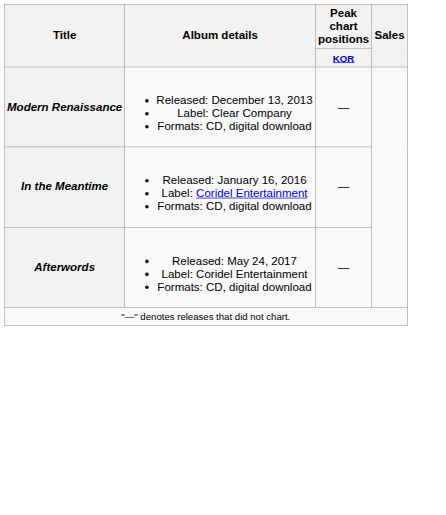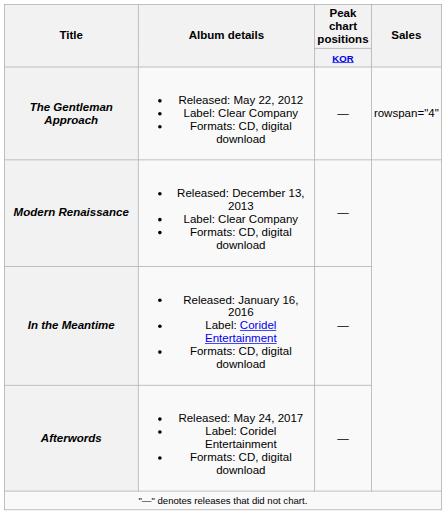 <table class="wikitable plainrowheaders" style="text-align:center;">
 <tr>
 <th rowspan="2" scope="col">Title</th>
 <th rowspan="2" scope="col">Album details</th>
 <th colspan="1" scope="col">Peak chart positions</th>
 <th rowspan="2" scope="col">Sales</th>
 </tr>
 <tr>
 <th style="width:3em;"><small><a href='#'>KOR</a></small><br></th>
+</tr>
+<tr>
+<th scope="row"><em>The Gentleman Approach</em></th>
+<td><br><ul><li>Released: May 22, 2012</li><li>Label: Clear Company</li><li>Formats: CD, digital download</li></ul></td>
+<td>—</td>
+<td>rowspan="4" </td>
 </tr>
 <tr>
 <th scope="row"><em>Modern Renaissance</em></th>
 <td><br><ul><li>Released: December 13, 2013</li><li>Label: Clear Company</li><li>Formats: CD, digital download</li></ul></td>
 <td>—</td>
 </tr>
 <tr>
 <th scope="row"><em>In the Meantime</em></th>
 <td><br><ul><li>Released: January 16, 2016</li><li>Label: <a href='#'>Coridel Entertainment</a></li><li>Formats: CD, digital download</li></ul></td>
 <td>—</td>
 </tr>
 <tr>
 <th scope="row"><em>Afterwords</em></th>
 <td><br><ul><li>Released: May 24, 2017</li><li>Label: Coridel Entertainment</li><li>Formats: CD, digital download</li></ul></td>
 <td>—</td>
 </tr>
 <tr>
 <td colspan="4" align="center"><small>"—" denotes releases that did not chart.</small></td>
 </tr>
 </table>
